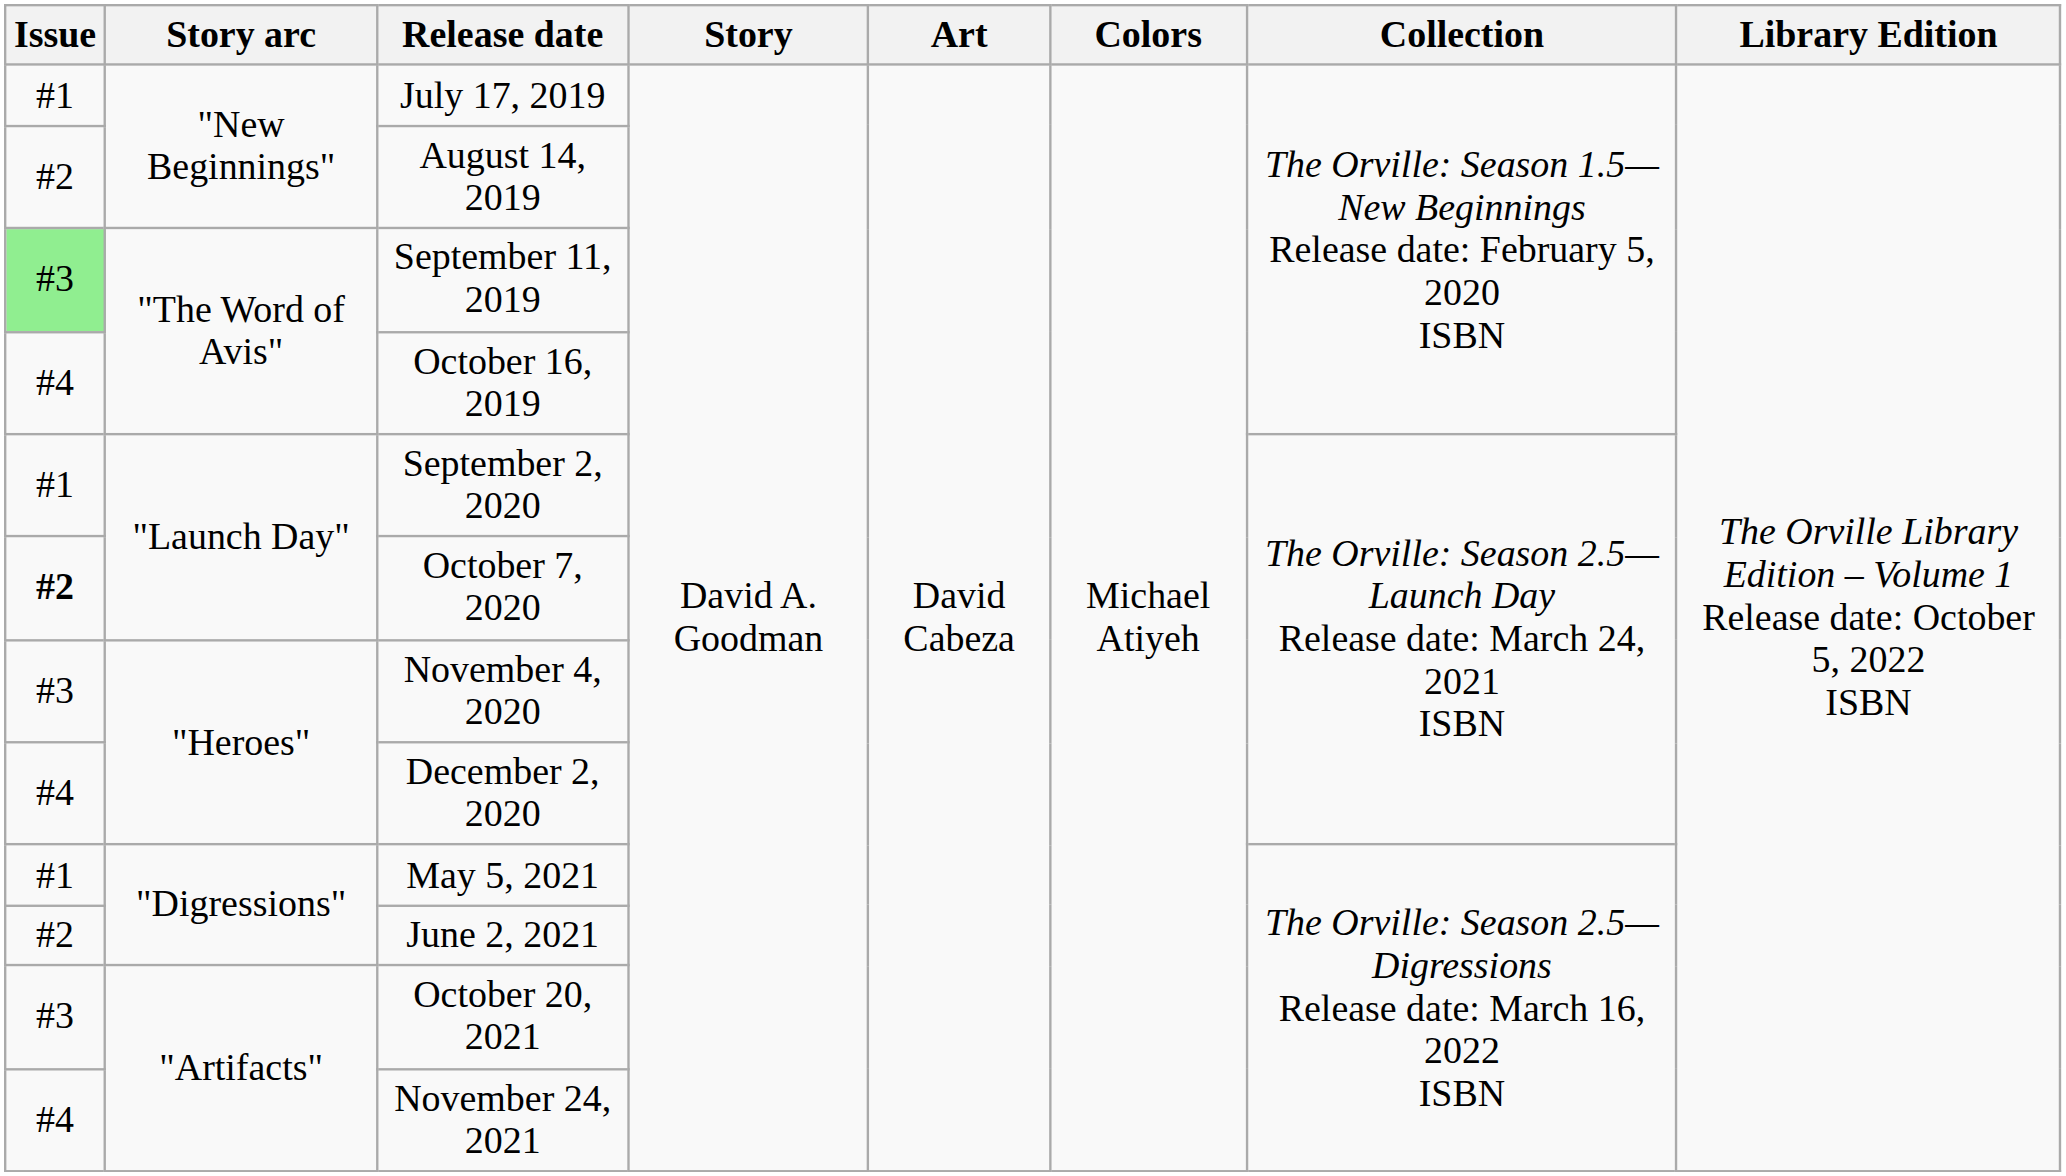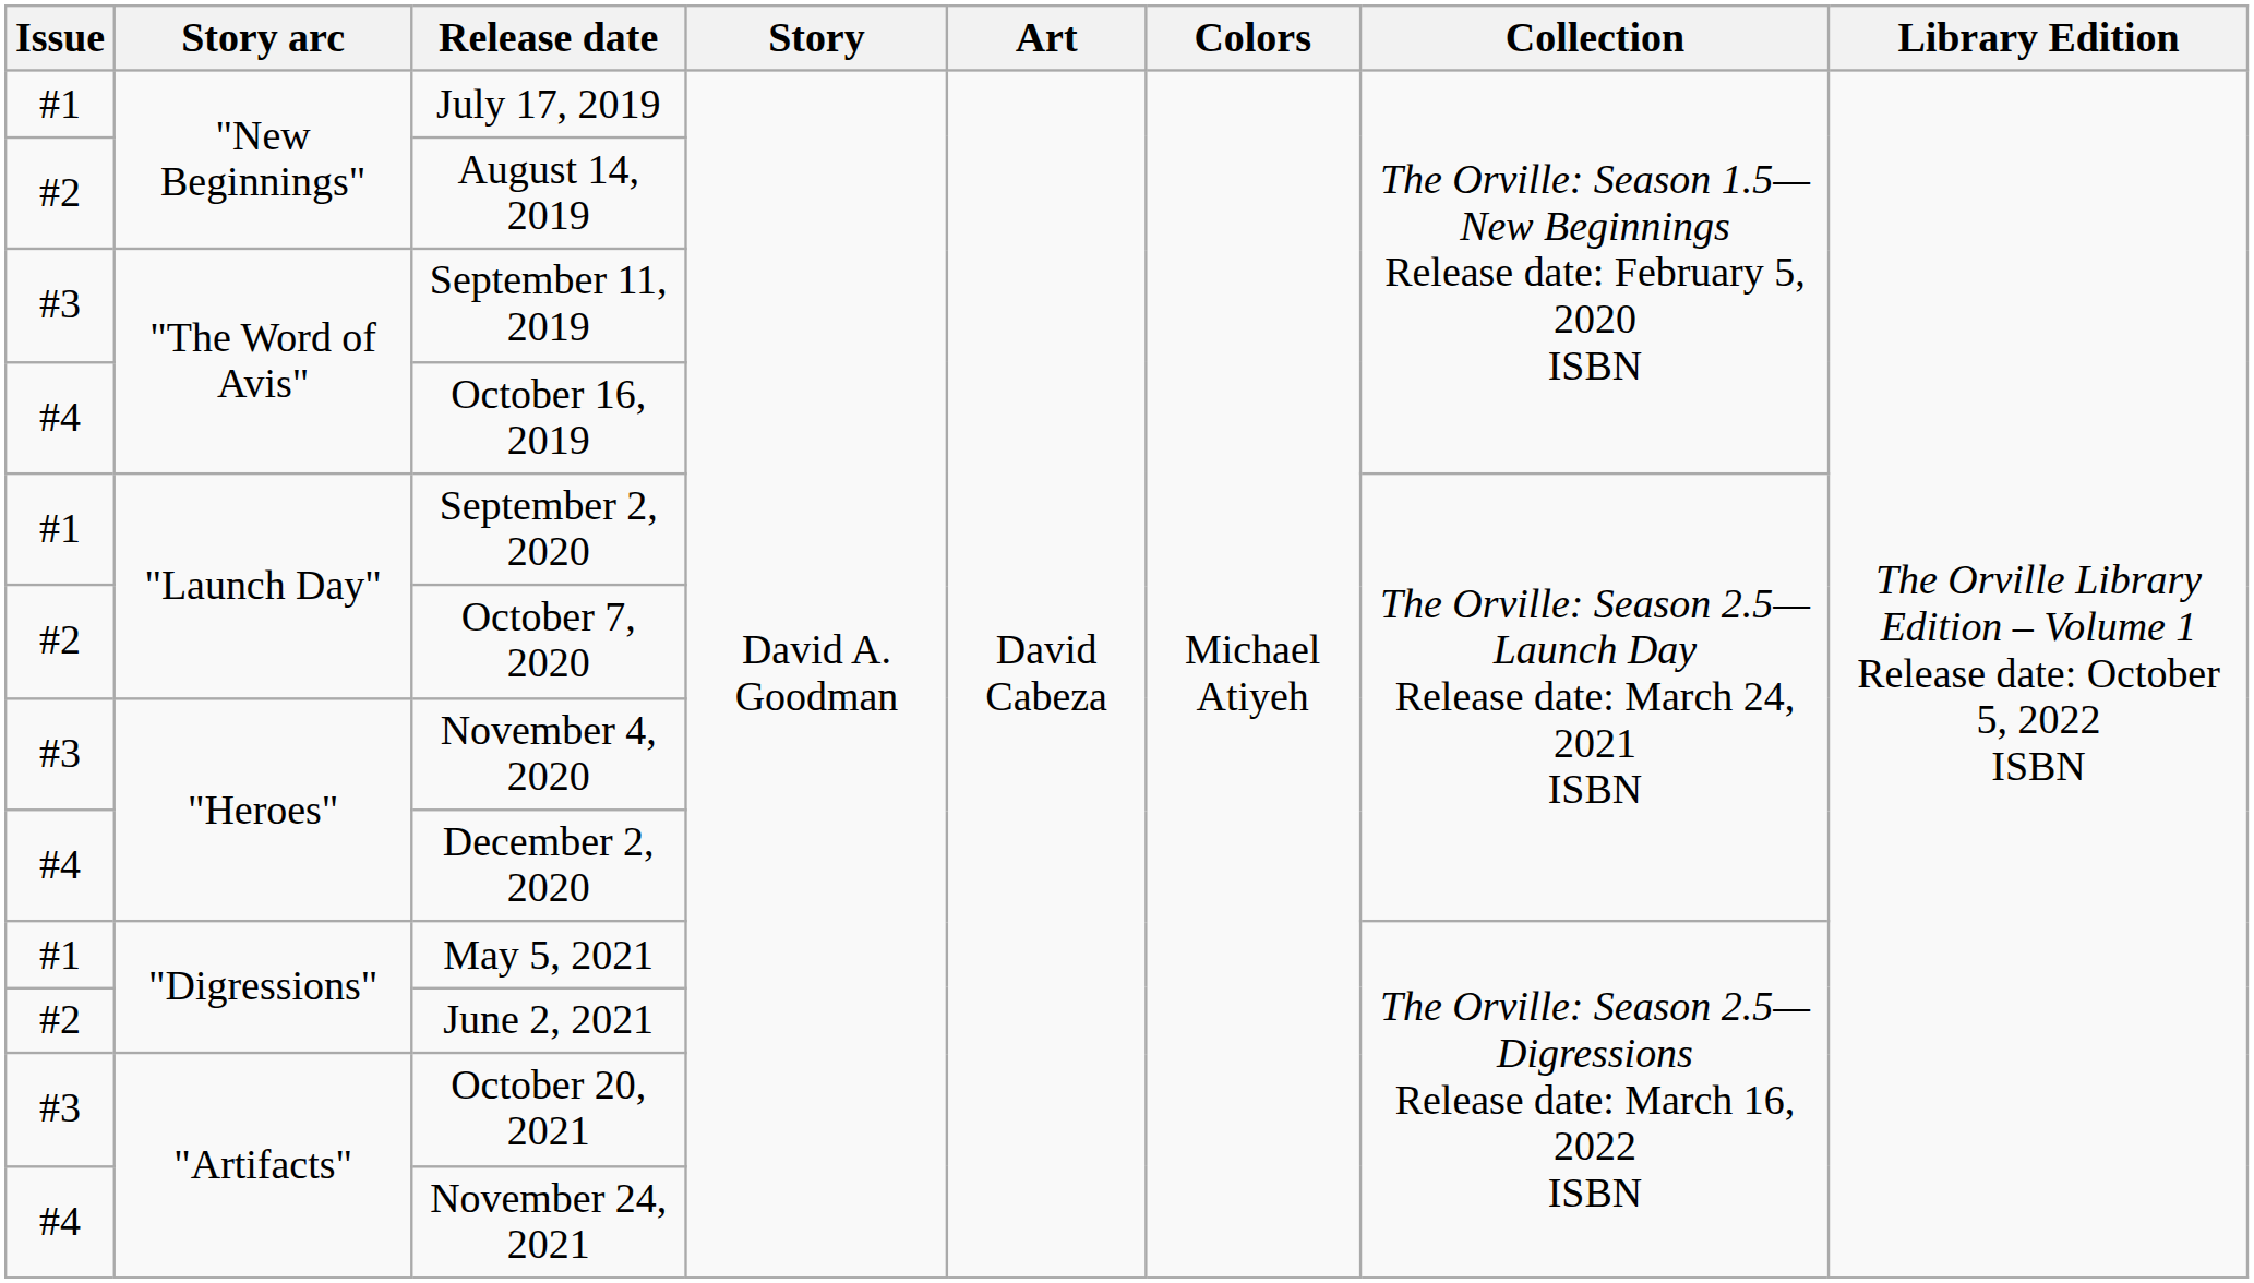 <table class="wikitable" style="text-align: center">
 <tr>
 <th>Issue</th>
 <th>Story arc</th>
 <th>Release date</th>
 <th>Story</th>
 <th>Art</th>
 <th>Colors</th>
 <th>Collection</th>
 <th>Library Edition</th>
 </tr>
 <tr>
 <td>#1</td>
 <td rowspan=2>"New Beginnings"</td>
 <td>July 17, 2019</td>
 <td rowspan=12>David A. Goodman</td>
 <td rowspan=12>David Cabeza</td>
 <td rowspan=12>Michael Atiyeh</td>
 <td rowspan=4><em>The Orville: Season 1.5—New Beginnings</em><br><span>Release date: February 5, 2020<br>ISBN </span></td>
 <td rowspan=12><em>The Orville Library Edition – Volume 1</em><br><span>Release date: October 5, 2022<br>ISBN </span></td>
 </tr>
 <tr>
 <td>#2</td>
 <td>August 14, 2019</td>
 </tr>
 <tr>
-<td style="background: lightgreen;">#3</td>
+<td>#3</td>
 <td rowspan=2>"The Word of Avis"</td>
 <td>September 11, 2019</td>
 </tr>
 <tr>
 <td>#4</td>
 <td>October 16, 2019</td>
 </tr>
 <tr>
 <td>#1</td>
 <td rowspan=2>"Launch Day"</td>
 <td>September 2, 2020</td>
 <td rowspan=4><em>The Orville: Season 2.5—Launch Day</em><br><span>Release date: March 24, 2021<br>ISBN </span></td>
 </tr>
 <tr>
-<td><strong>#2</strong></td>
+<td>#2</td>
 <td>October 7, 2020</td>
 </tr>
 <tr>
 <td>#3</td>
 <td rowspan=2>"Heroes"</td>
 <td>November 4, 2020</td>
 </tr>
 <tr>
 <td>#4</td>
 <td>December 2, 2020</td>
 </tr>
 <tr>
 <td>#1</td>
 <td rowspan=2>"Digressions"</td>
 <td>May 5, 2021</td>
 <td rowspan=4><em>The Orville: Season 2.5—Digressions</em><br><span>Release date: March 16, 2022<br>ISBN </span></td>
 </tr>
 <tr>
 <td>#2</td>
 <td>June 2, 2021</td>
 </tr>
 <tr>
 <td>#3</td>
 <td rowspan=2>"Artifacts"</td>
 <td>October 20, 2021</td>
 </tr>
 <tr>
 <td>#4</td>
 <td>November 24, 2021</td>
 </tr>
 </table>
